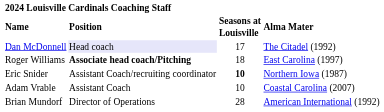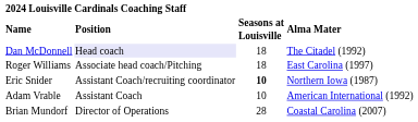 <table class="toccolours" style="text-align: left; font-size:90%;">
 <tr>
 <th colspan="9">2024 Louisville Cardinals Coaching Staff</th>
 </tr>
 <tr>
 <th>Name</th>
 <th>Position</th>
 <th>Seasons at<br>Louisville</th>
 <th>Alma Mater</th>
 </tr>
 <tr>
 <td><a href='#'>Dan McDonnell</a></td>
 <td style="background: lavender;">Head coach</td>
-<td align=center>17</td>
+<td align=center>18</td>
 <td><a href='#'>The Citadel</a> (1992)</td>
 </tr>
 <tr>
 <td>Roger Williams</td>
-<td><strong>Associate head coach/Pitching</strong></td>
+<td>Associate head coach/Pitching</td>
 <td align=center>18</td>
 <td><a href='#'>East Carolina</a> (1997)</td>
 </tr>
 <tr>
 <td>Eric Snider</td>
 <td>Assistant Coach/recruiting coordinator</td>
 <td align=center><strong>10</strong></td>
 <td><a href='#'>Northern Iowa</a> (1987)</td>
 </tr>
 <tr>
 <td>Adam Vrable</td>
 <td>Assistant Coach</td>
 <td align=center>10</td>
-<td><a href='#'>Coastal Carolina</a> (2007)</td>
+<td><a href='#'>American International</a> (1992)</td>
 </tr>
 <tr>
 <td>Brian Mundorf</td>
 <td>Director of Operations</td>
 <td align=center>28</td>
-<td><a href='#'>American International</a> (1992)</td>
+<td><a href='#'>Coastal Carolina</a> (2007)</td>
 </tr>
 </table>
